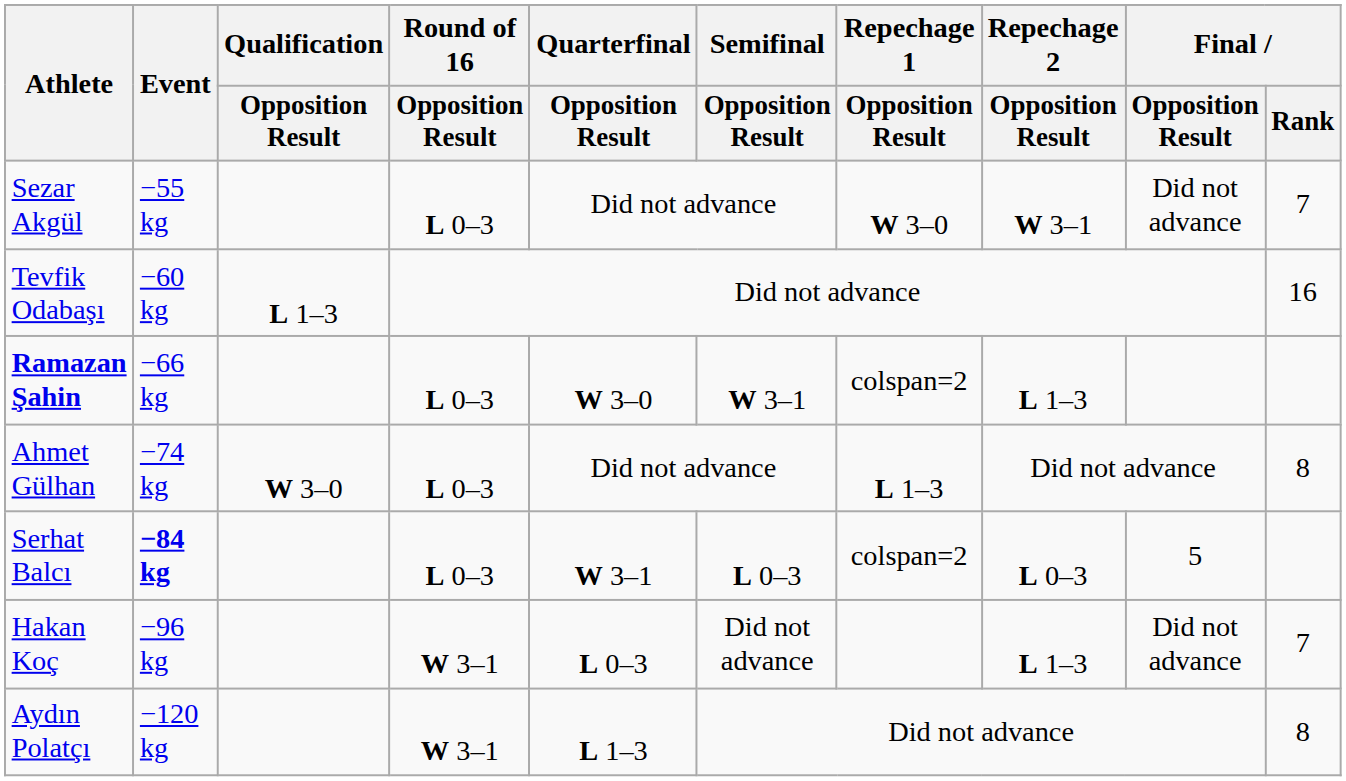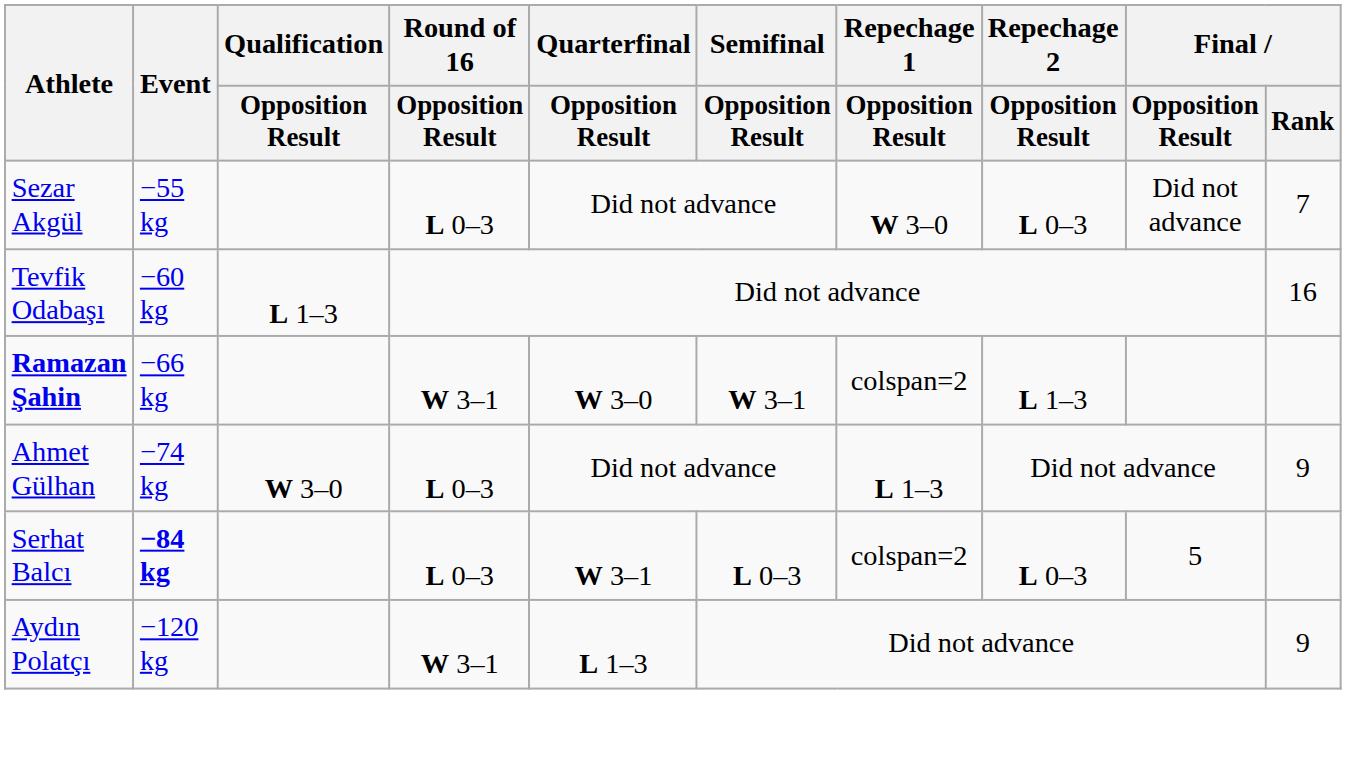 <table class="wikitable" style="font-size:90%">
 <tr>
 <th rowspan="2">Athlete</th>
 <th rowspan="2">Event</th>
 <th>Qualification</th>
 <th>Round of 16</th>
 <th>Quarterfinal</th>
 <th>Semifinal</th>
 <th>Repechage 1</th>
 <th>Repechage 2</th>
 <th colspan=2>Final / </th>
 </tr>
 <tr style="font-size: 95%">
 <th>Opposition<br>Result</th>
 <th>Opposition<br>Result</th>
 <th>Opposition<br>Result</th>
 <th>Opposition<br>Result</th>
 <th>Opposition<br>Result</th>
 <th>Opposition<br>Result</th>
 <th>Opposition<br>Result</th>
 <th>Rank</th>
 </tr>
 <tr align=center>
 <td align=left><a href='#'>Sezar Akgül</a></td>
 <td align=left><a href='#'>−55 kg</a></td>
 <td></td>
 <td><br><strong>L</strong> 0–3 <sup></sup></td>
 <td colspan=2 align=center>Did not advance</td>
 <td><br><strong>W</strong> 3–0 <sup></sup></td>
-<td> <br> <strong>W</strong> 3–1 <sup></sup></td>
+<td><br><strong>L</strong> 0–3 <sup></sup></td>
 <td>Did not advance</td>
 <td>7</td>
 </tr>
 <tr align=center>
 <td align=left><a href='#'>Tevfik Odabaşı</a></td>
 <td align=left><a href='#'>−60 kg</a></td>
 <td><br><strong>L</strong> 1–3 <sup></sup></td>
 <td colspan=6>Did not advance</td>
 <td>16</td>
 </tr>
 <tr align=center>
 <td align=left><strong><a href='#'>Ramazan Şahin</a></strong></td>
 <td align=left><a href='#'>−66 kg</a></td>
 <td></td>
-<td><br><strong>L</strong> 0–3 <sup></sup></td>
+<td> <br> <strong>W</strong> 3–1 <sup></sup></td>
 <td><br><strong>W</strong> 3–0 <sup></sup></td>
 <td> <br> <strong>W</strong> 3–1 <sup></sup></td>
 <td>colspan=2 </td>
 <td><br><strong>L</strong> 1–3 <sup></sup></td>
 <td></td>
 </tr>
 <tr align=center>
 <td align=left><a href='#'>Ahmet Gülhan</a></td>
 <td align=left><a href='#'>−74 kg</a></td>
 <td><br><strong>W</strong> 3–0 <sup></sup></td>
 <td><br><strong>L</strong> 0–3 <sup></sup></td>
 <td colspan=2>Did not advance</td>
 <td><br><strong>L</strong> 1–3 <sup></sup></td>
 <td colspan=2>Did not advance</td>
-<td>8</td>
+<td>9</td>
 </tr>
 <tr align=center>
 <td align=left><a href='#'>Serhat Balcı</a></td>
 <td align=left><strong><a href='#'>−84 kg</a></strong></td>
 <td></td>
 <td><br><strong>L</strong> 0–3 <sup></sup></td>
 <td> <br> <strong>W</strong> 3–1 <sup></sup></td>
 <td><br><strong>L</strong> 0–3 <sup></sup></td>
 <td>colspan=2 </td>
 <td><br><strong>L</strong> 0–3 <sup></sup></td>
 <td>5</td>
 </tr>
 <tr align=center>
-<td align=left><a href='#'>Hakan Koç</a></td>
-<td align=left><a href='#'>−96 kg</a></td>
-<td></td>
-<td><br><strong>W</strong> 3–1 <sup></sup></td>
-<td><br><strong>L</strong> 0–3 <sup></sup></td>
-<td>Did not advance</td>
-<td></td>
-<td><br><strong>L</strong> 1–3 <sup></sup></td>
-<td>Did not advance</td>
-<td>7</td>
-</tr>
-<tr align=center>
 <td align=left><a href='#'>Aydın Polatçı</a></td>
 <td align=left><a href='#'>−120 kg</a></td>
 <td></td>
 <td><br><strong>W</strong> 3–1 <sup></sup></td>
 <td><br><strong>L</strong> 1–3 <sup></sup></td>
 <td colspan=4>Did not advance</td>
-<td>8</td>
+<td>9</td>
 </tr>
 </table>
